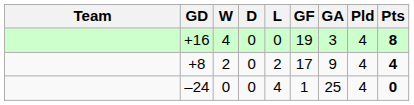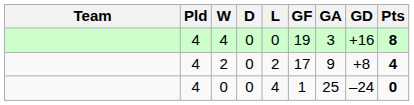 <table class="wikitable" style="text-align:center;">
 <tr>
 <th width=180>Team</th>
-<th width=20>GD</th>
+<th width=20>Pld</th>
 <th width=20>W</th>
 <th width=20>D</th>
 <th width=20>L</th>
 <th width=20>GF</th>
 <th width=20>GA</th>
-<th width=20>Pld</th>
+<th width=20>GD</th>
 <th width=20>Pts</th>
 </tr>
 <tr bgcolor="ccffcc">
 <td align="left"></td>
-<td>+16</td>
+<td>4</td>
 <td>4</td>
 <td>0</td>
 <td>0</td>
 <td>19</td>
 <td>3</td>
-<td>4</td>
+<td>+16</td>
 <td><strong>8</strong></td>
 </tr>
 <tr>
 <td align="left"></td>
-<td>+8</td>
+<td>4</td>
 <td>2</td>
 <td>0</td>
 <td>2</td>
 <td>17</td>
 <td>9</td>
-<td>4</td>
+<td>+8</td>
 <td><strong>4</strong></td>
 </tr>
 <tr>
 <td align="left"></td>
-<td>–24</td>
+<td>4</td>
 <td>0</td>
 <td>0</td>
 <td>4</td>
 <td>1</td>
 <td>25</td>
-<td>4</td>
+<td>–24</td>
 <td><strong>0</strong></td>
 </tr>
 </table>
